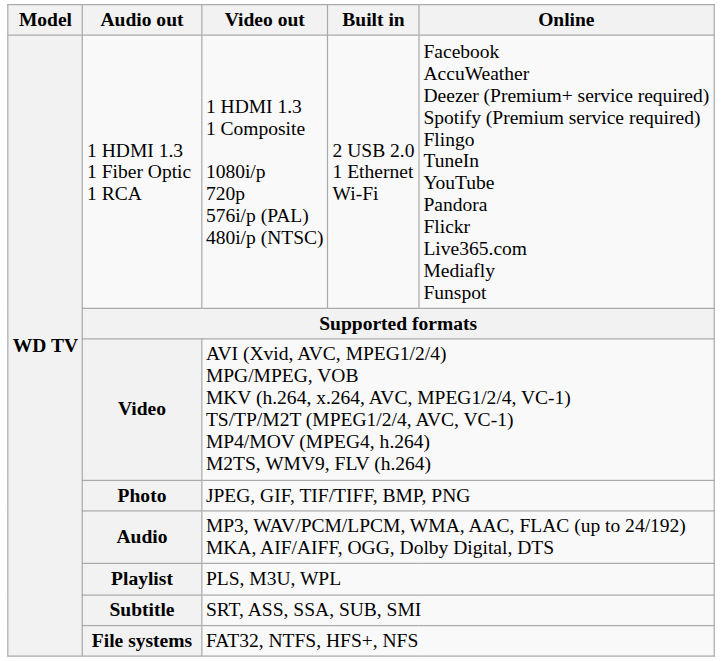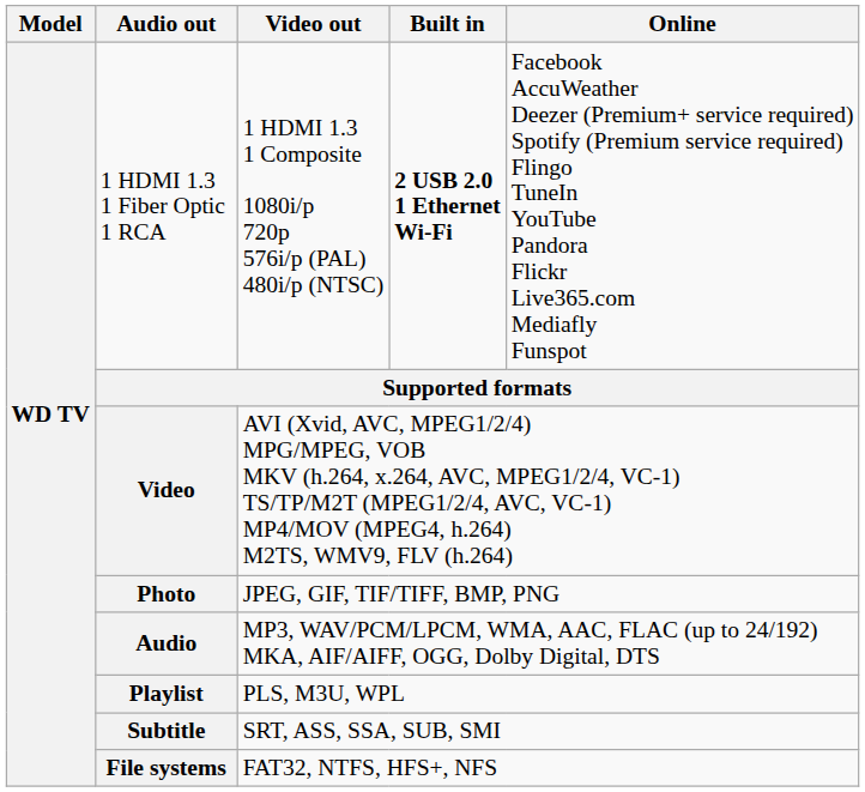 <table class="wikitable" style="margin:1em auto;">
 <tr>
 <th>Model</th>
 <th width=90>Audio out</th>
 <th>Video out</th>
 <th>Built in</th>
 <th>Online</th>
 </tr>
 <tr>
 <th rowspan="8"><strong>WD TV<br></strong></th>
 <td>1 HDMI 1.3<br>1 Fiber Optic<br>1 RCA</td>
 <td>1 HDMI 1.3<br>1 Composite<br><br>1080i/p<br>720p<br>576i/p (PAL)<br>480i/p (NTSC)</td>
-<td>2 USB 2.0<br>1 Ethernet<br> Wi-Fi</td>
+<td><strong>2 USB 2.0<br>1 Ethernet<br> Wi-Fi</strong></td>
 <td>Facebook<br>AccuWeather<br>Deezer (Premium+ service required)<br>Spotify (Premium service required)<br>Flingo<br>TuneIn<br>YouTube<br>Pandora<br>Flickr<br>Live365.com<br>Mediafly<br>Funspot</td>
 </tr>
 <tr>
 <th colspan="4">Supported formats</th>
 </tr>
 <tr>
 <th>Video</th>
 <td colspan="3">AVI (Xvid, AVC, MPEG1/2/4)<br>MPG/MPEG, VOB<br>MKV (h.264, x.264, AVC, MPEG1/2/4, VC-1)<br>TS/TP/M2T (MPEG1/2/4, AVC, VC-1)<br>MP4/MOV (MPEG4, h.264)<br>M2TS, WMV9, FLV (h.264)</td>
 </tr>
 <tr>
 <th>Photo</th>
 <td colspan="3">JPEG, GIF, TIF/TIFF, BMP, PNG</td>
 </tr>
 <tr>
 <th>Audio</th>
 <td colspan="3">MP3, WAV/PCM/LPCM, WMA, AAC, FLAC (up to 24/192)<br>MKA, AIF/AIFF, OGG, Dolby Digital, DTS</td>
 </tr>
 <tr>
 <th>Playlist</th>
 <td colspan="3">PLS, M3U, WPL</td>
 </tr>
 <tr>
 <th>Subtitle</th>
 <td colspan="3">SRT, ASS, SSA, SUB, SMI</td>
 </tr>
 <tr>
 <th>File systems</th>
 <td colspan="3">FAT32, NTFS, HFS+, NFS</td>
 </tr>
 </table>
